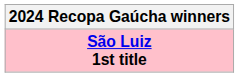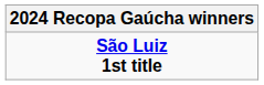 <table class="wikitable" style="text-align: center; margin: 0 auto;">
 <tr>
 <th>2024 Recopa Gaúcha winners</th>
 </tr>
 <tr>
-<td style="background: pink;"><strong><a href='#'>São Luiz</a></strong><br><strong>1st title</strong></td>
+<td><strong><a href='#'>São Luiz</a></strong><br><strong>1st title</strong></td>
 </tr>
 </table>
